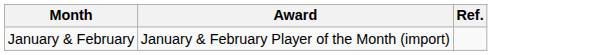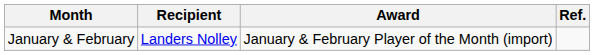 <table class="wikitable">
 <tr>
 <th>Month</th>
+<th>Recipient</th>
 <th>Award</th>
 <th>Ref.</th>
 </tr>
 <tr>
 <td>January & February</td>
+<td><a href='#'>Landers Nolley</a></td>
 <td>January & February Player of the Month (import)</td>
 <td></td>
 </tr>
 </table>
